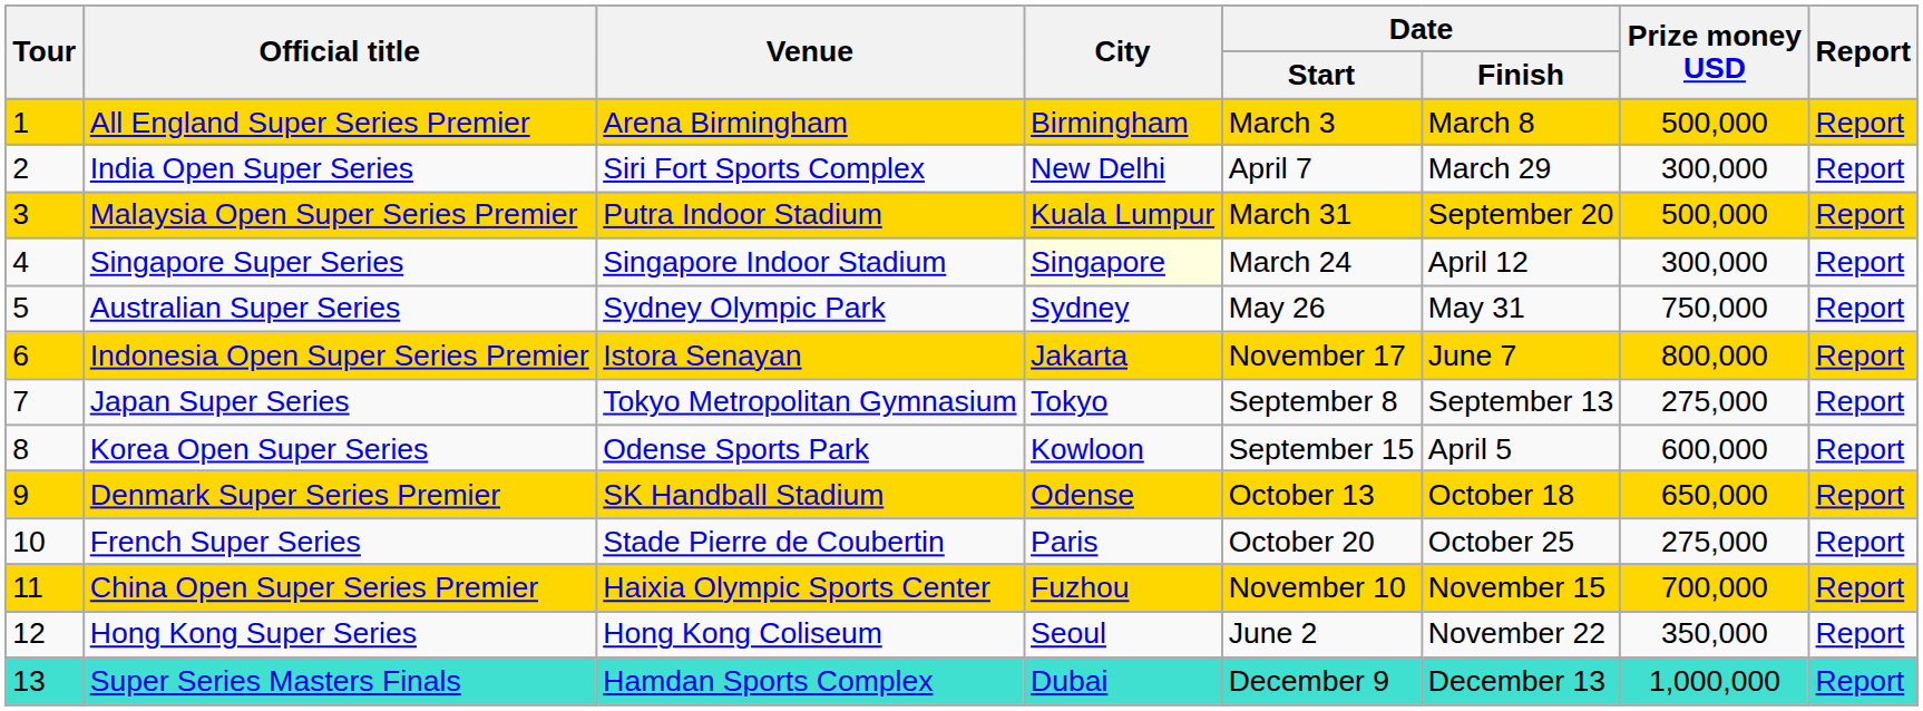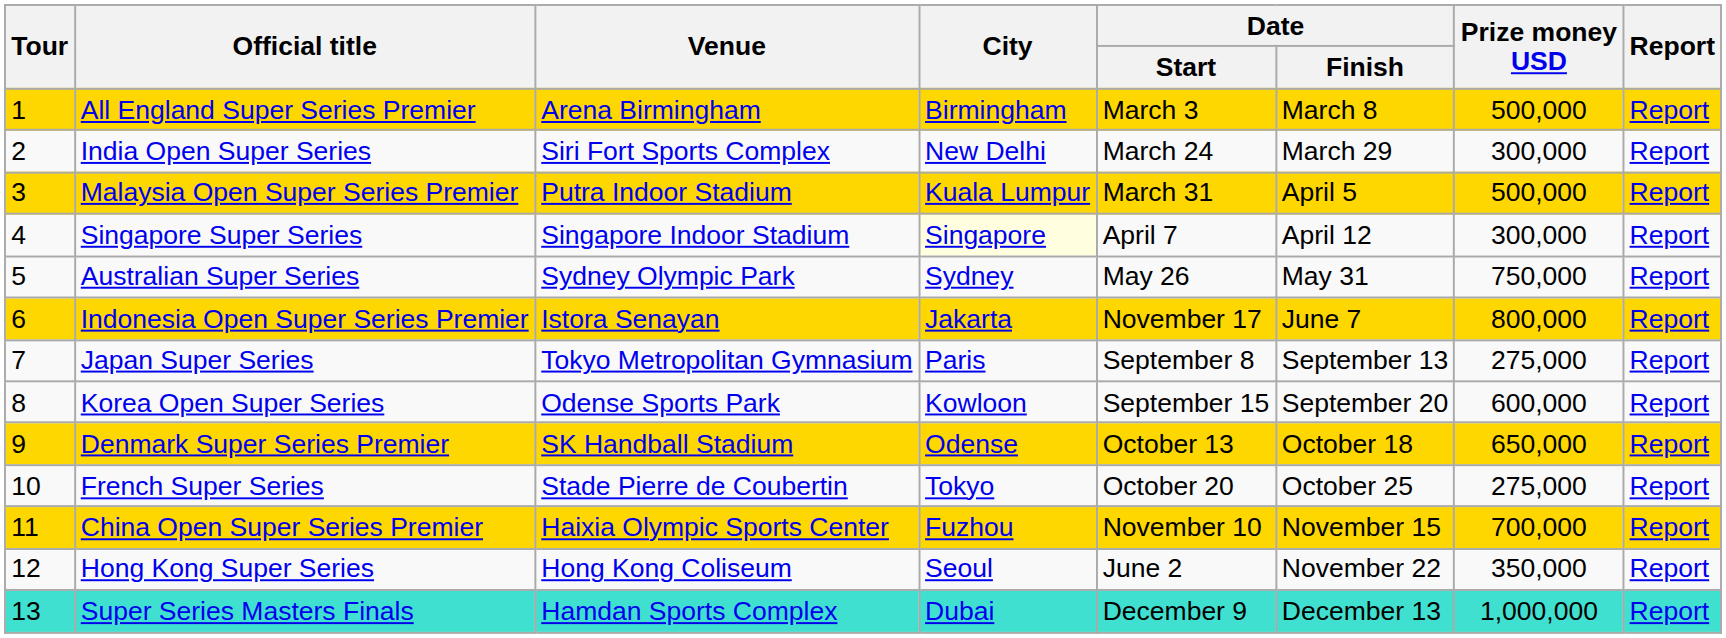 <table class=wikitable style="font-size:85%">
 <tr>
 <th rowspan=2>Tour</th>
 <th rowspan=2>Official title</th>
 <th rowspan=2>Venue</th>
 <th rowspan=2>City</th>
 <th colspan=2>Date</th>
 <th rowspan=2>Prize money <br><a href='#'>USD</a></th>
 <th rowspan=2>Report</th>
 </tr>
 <tr>
 <th>Start</th>
 <th>Finish</th>
 </tr>
 <tr bgcolor="gold">
 <td>1</td>
 <td> <a href='#'>All England Super Series Premier</a></td>
 <td><a href='#'>Arena Birmingham</a></td>
 <td><a href='#'>Birmingham</a></td>
 <td>March 3</td>
 <td>March 8</td>
 <td align=center>500,000</td>
 <td><a href='#'>Report</a></td>
 </tr>
 <tr>
 <td>2</td>
 <td> <a href='#'>India Open Super Series</a></td>
 <td><a href='#'>Siri Fort Sports Complex</a></td>
 <td><a href='#'>New Delhi</a></td>
-<td>April 7</td>
+<td>March 24</td>
 <td>March 29</td>
 <td align=center>300,000</td>
 <td><a href='#'>Report</a></td>
 </tr>
 <tr bgcolor="gold">
 <td>3</td>
 <td> <a href='#'>Malaysia Open Super Series Premier</a></td>
 <td><a href='#'>Putra Indoor Stadium</a></td>
 <td><a href='#'>Kuala Lumpur</a></td>
 <td>March 31</td>
-<td>September 20</td>
+<td>April 5</td>
 <td align=center>500,000</td>
 <td><a href='#'>Report</a></td>
 </tr>
 <tr>
 <td>4</td>
 <td> <a href='#'>Singapore Super Series</a></td>
 <td><a href='#'>Singapore Indoor Stadium</a></td>
 <td style="background: lightyellow;"><a href='#'>Singapore</a></td>
-<td>March 24</td>
+<td>April 7</td>
 <td>April 12</td>
 <td align=center>300,000</td>
 <td><a href='#'>Report</a></td>
 </tr>
 <tr>
 <td>5</td>
 <td> <a href='#'>Australian Super Series</a></td>
 <td><a href='#'>Sydney Olympic Park</a></td>
 <td><a href='#'>Sydney</a></td>
 <td>May 26</td>
 <td>May 31</td>
 <td align=center>750,000</td>
 <td><a href='#'>Report</a></td>
 </tr>
 <tr bgcolor="gold">
 <td>6</td>
 <td> <a href='#'>Indonesia Open Super Series Premier</a></td>
 <td><a href='#'>Istora Senayan</a></td>
 <td><a href='#'>Jakarta</a></td>
 <td>November 17</td>
 <td>June 7</td>
 <td align=center>800,000</td>
 <td><a href='#'>Report</a></td>
 </tr>
 <tr>
 <td>7</td>
 <td> <a href='#'>Japan Super Series</a></td>
 <td><a href='#'>Tokyo Metropolitan Gymnasium</a></td>
-<td><a href='#'>Tokyo</a></td>
+<td><a href='#'>Paris</a></td>
 <td>September 8</td>
 <td>September 13</td>
 <td align=center>275,000</td>
 <td><a href='#'>Report</a></td>
 </tr>
 <tr>
 <td>8</td>
 <td> <a href='#'>Korea Open Super Series</a></td>
 <td><a href='#'>Odense Sports Park</a></td>
 <td><a href='#'>Kowloon</a></td>
 <td>September 15</td>
-<td>April 5</td>
+<td>September 20</td>
 <td align=center>600,000</td>
 <td><a href='#'>Report</a></td>
 </tr>
 <tr bgcolor="gold">
 <td>9</td>
 <td> <a href='#'>Denmark Super Series Premier</a></td>
 <td><a href='#'>SK Handball Stadium</a></td>
 <td><a href='#'>Odense</a></td>
 <td>October 13</td>
 <td>October 18</td>
 <td align=center>650,000</td>
 <td><a href='#'>Report</a></td>
 </tr>
 <tr>
 <td>10</td>
 <td> <a href='#'>French Super Series</a></td>
 <td><a href='#'>Stade Pierre de Coubertin</a></td>
-<td><a href='#'>Paris</a></td>
+<td><a href='#'>Tokyo</a></td>
 <td>October 20</td>
 <td>October 25</td>
 <td align=center>275,000</td>
 <td><a href='#'>Report</a></td>
 </tr>
 <tr bgcolor="gold">
 <td>11</td>
 <td> <a href='#'>China Open Super Series Premier</a></td>
 <td><a href='#'>Haixia Olympic Sports Center</a></td>
 <td><a href='#'>Fuzhou</a></td>
 <td>November 10</td>
 <td>November 15</td>
 <td align=center>700,000</td>
 <td><a href='#'>Report</a></td>
 </tr>
 <tr>
 <td>12</td>
 <td> <a href='#'>Hong Kong Super Series</a></td>
 <td><a href='#'>Hong Kong Coliseum</a></td>
 <td><a href='#'>Seoul</a></td>
 <td>June 2</td>
 <td>November 22</td>
 <td align=center>350,000</td>
 <td><a href='#'>Report</a></td>
 </tr>
 <tr bgcolor="turquoise">
 <td>13</td>
 <td> <a href='#'>Super Series Masters Finals</a></td>
 <td><a href='#'>Hamdan Sports Complex</a></td>
 <td><a href='#'>Dubai</a></td>
 <td>December 9</td>
 <td>December 13</td>
 <td align=center>1,000,000</td>
 <td><a href='#'>Report</a></td>
 </tr>
 </table>
